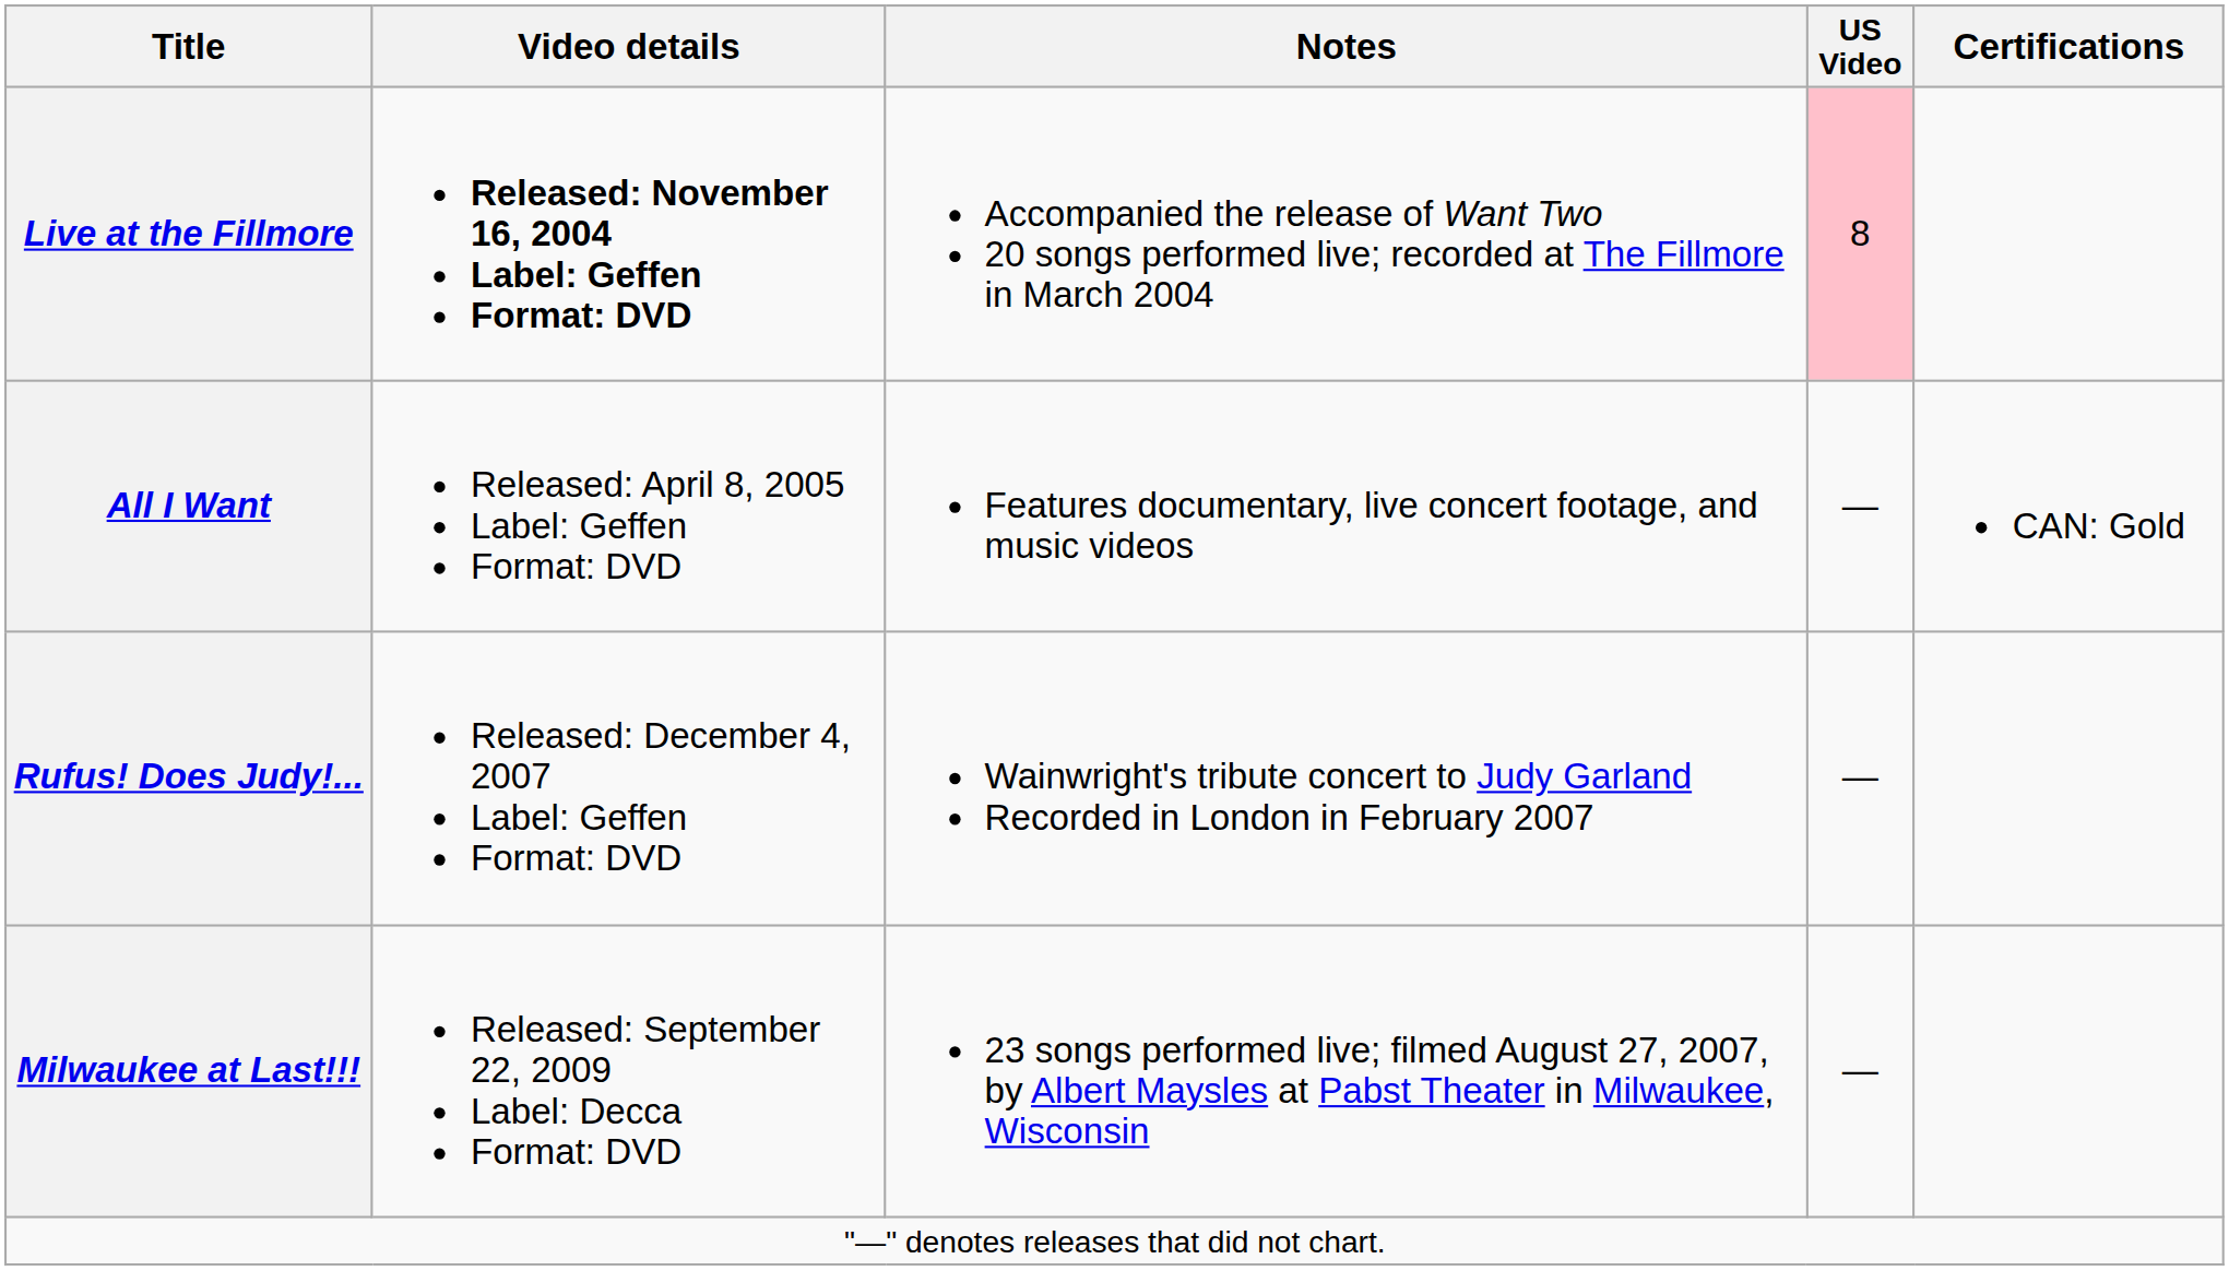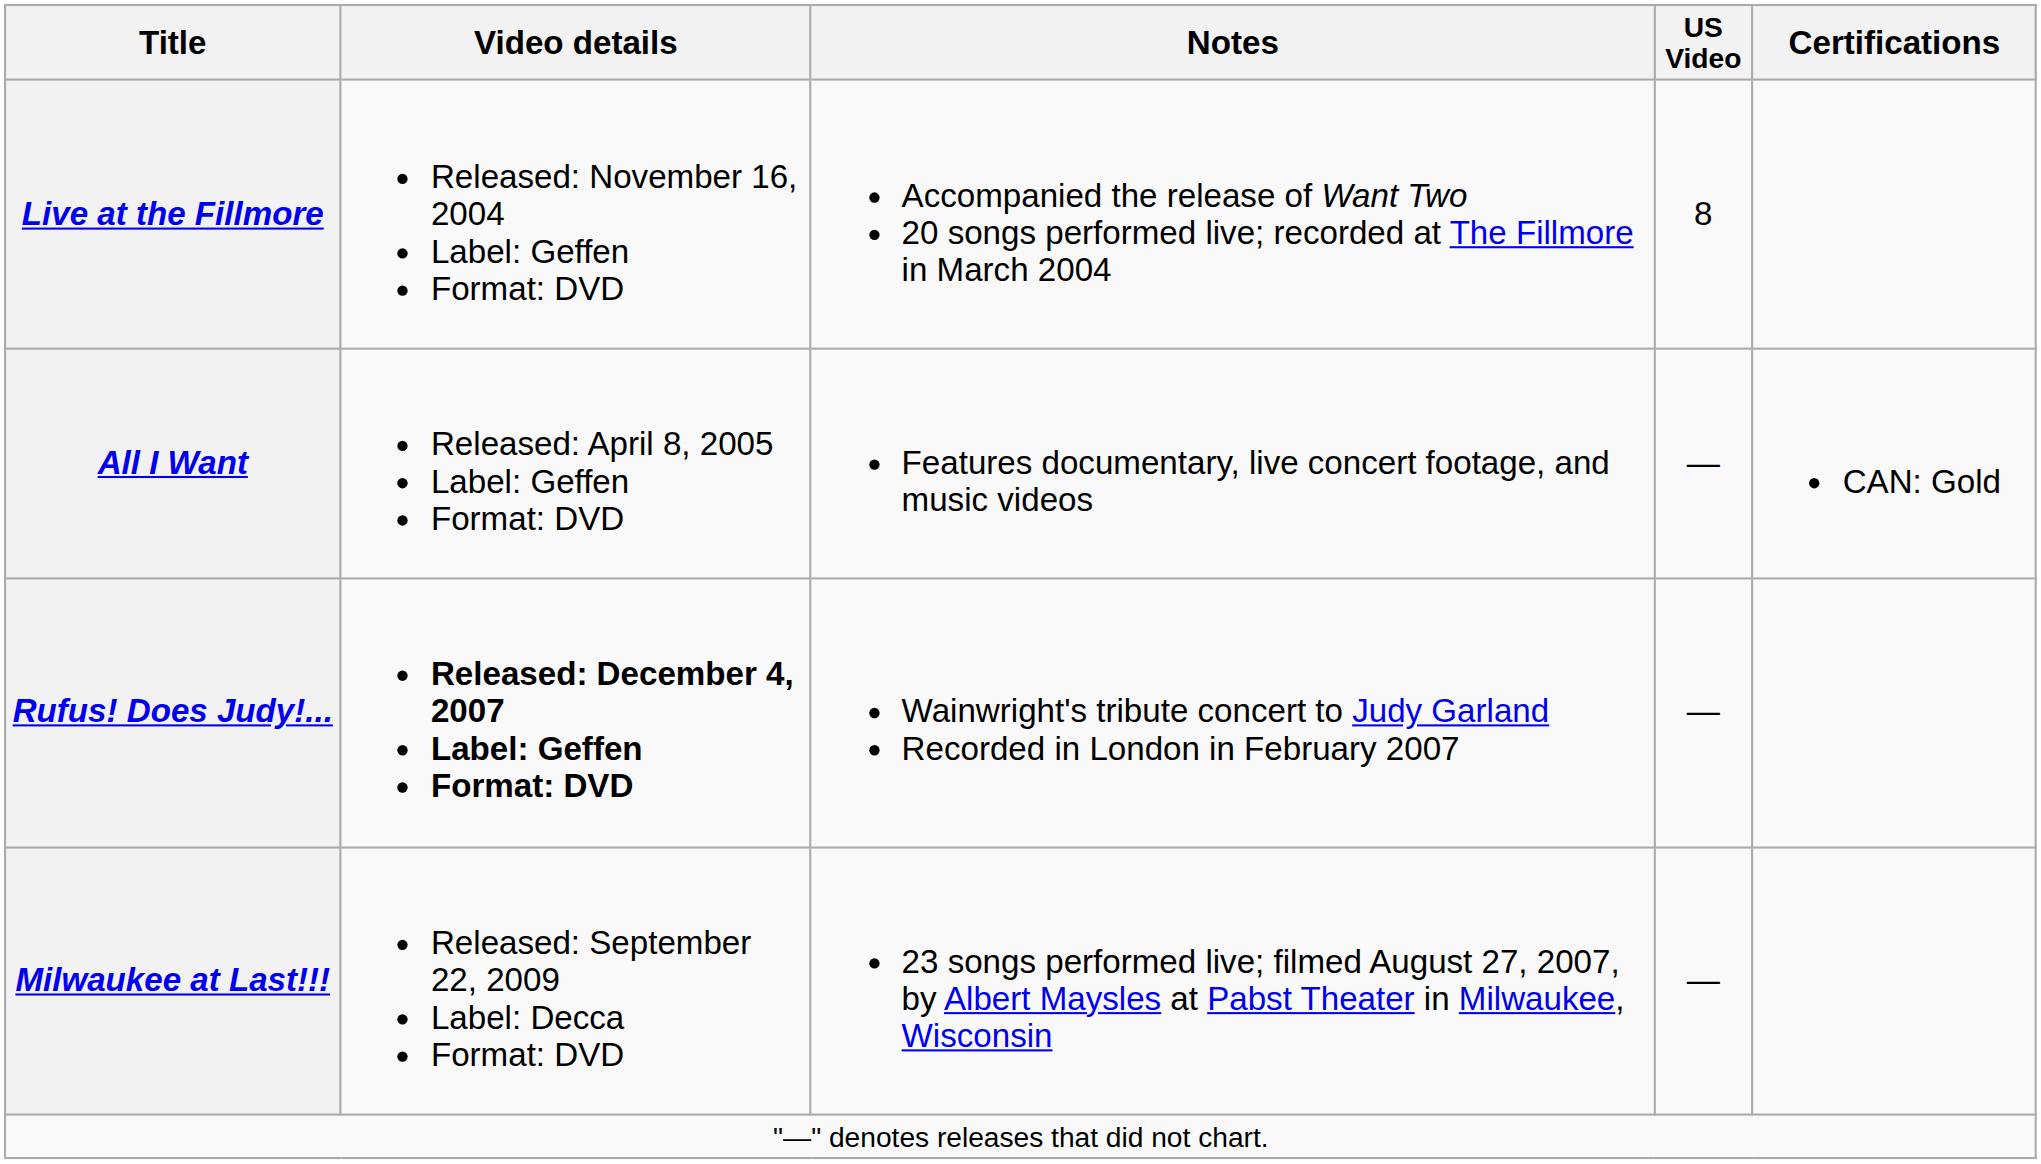 <table class="wikitable plainrowheaders">
 <tr>
 <th scope="col">Title</th>
 <th width="220">Video details</th>
 <th width="400">Notes</th>
 <th style="width:3em;font-size:85%">US<br>Video<br></th>
 <th width="130">Certifications</th>
 </tr>
 <tr>
 <th scope="row"><em><a href='#'>Live at the Fillmore</a></em></th>
-<td><strong><br><ul><li>Released: November 16, 2004</li><li>Label: Geffen</li><li>Format: DVD</li></ul></strong></td>
+<td><br><ul><li>Released: November 16, 2004</li><li>Label: Geffen</li><li>Format: DVD</li></ul></td>
 <td><br><ul><li>Accompanied the release of <em>Want Two</em></li><li>20 songs performed live; recorded at <a href='#'>The Fillmore</a> in March 2004</li></ul></td>
-<td align="center" style="background: pink;">8</td>
+<td align="center">8</td>
 <td></td>
 </tr>
 <tr>
 <th scope="row"><em><a href='#'>All I Want</a></em></th>
 <td><br><ul><li>Released: April 8, 2005</li><li>Label: Geffen</li><li>Format: DVD</li></ul></td>
 <td><br><ul><li>Features documentary, live concert footage, and music videos</li></ul></td>
 <td align="center">—</td>
 <td><br><ul><li>CAN: Gold</li></ul></td>
 </tr>
 <tr>
 <th scope="row"><em><a href='#'>Rufus! Does Judy!...</a></em></th>
-<td><br><ul><li>Released: December 4, 2007</li><li>Label: Geffen</li><li>Format: DVD</li></ul></td>
+<td><strong><br><ul><li>Released: December 4, 2007</li><li>Label: Geffen</li><li>Format: DVD</li></ul></strong></td>
 <td><br><ul><li>Wainwright's tribute concert to <a href='#'>Judy Garland</a></li><li>Recorded in London in February 2007</li></ul></td>
 <td align="center">—</td>
 <td></td>
 </tr>
 <tr>
 <th scope="row"><em><a href='#'>Milwaukee at Last!&excl;!</a></em></th>
 <td><br><ul><li>Released: September 22, 2009</li><li>Label: Decca</li><li>Format: DVD</li></ul></td>
 <td><br><ul><li>23 songs performed live; filmed August 27, 2007, by <a href='#'>Albert Maysles</a> at <a href='#'>Pabst Theater</a> in <a href='#'>Milwaukee</a>, <a href='#'>Wisconsin</a></li></ul></td>
 <td align="center">—</td>
 <td></td>
 </tr>
 <tr>
 <td align="center" colspan="5" style="font-size: 85%">"—" denotes releases that did not chart.</td>
 </tr>
 </table>
